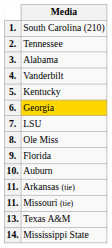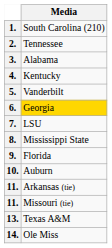 <table class="wikitable" style="white-space:nowrap; font-size:90%;">
 <tr>
 <td ! colspan=1 style="background:white; border-top-style:hidden; border-left-style:hidden;"></td>
 <th>Media</th>
 </tr>
 <tr>
 <th>1.</th>
 <td>South Carolina (210)</td>
 </tr>
 <tr>
 <th>2.</th>
 <td>Tennessee</td>
 </tr>
 <tr>
 <th>3.</th>
 <td>Alabama</td>
 </tr>
 <tr>
 <th>4.</th>
-<td>Vanderbilt</td>
+<td>Kentucky</td>
 </tr>
 <tr>
 <th>5.</th>
-<td>Kentucky</td>
+<td>Vanderbilt</td>
 </tr>
 <tr>
 <th>6.</th>
 <td style="background: gold;">Georgia</td>
 </tr>
 <tr>
 <th>7.</th>
 <td>LSU</td>
 </tr>
 <tr>
 <th>8.</th>
-<td>Ole Miss</td>
+<td>Mississippi State</td>
 </tr>
 <tr>
 <th>9.</th>
 <td>Florida</td>
 </tr>
 <tr>
 <th>10.</th>
 <td>Auburn</td>
 </tr>
 <tr>
 <th>11.</th>
 <td>Arkansas <small>(tie)</small></td>
 </tr>
 <tr>
 <th>11.</th>
 <td>Missouri <small>(tie)</small></td>
 </tr>
 <tr>
 <th>13.</th>
 <td>Texas A&M</td>
 </tr>
 <tr>
 <th>14.</th>
-<td>Mississippi State</td>
+<td>Ole Miss</td>
 </tr>
 </table>
